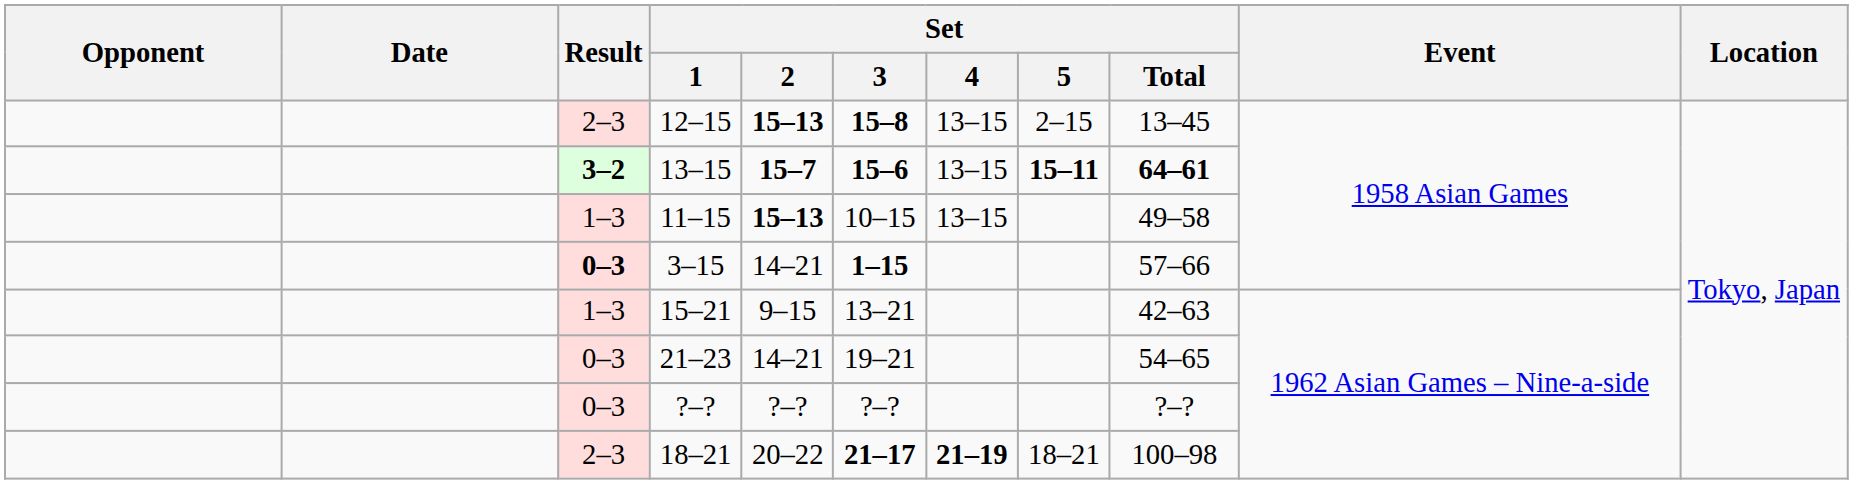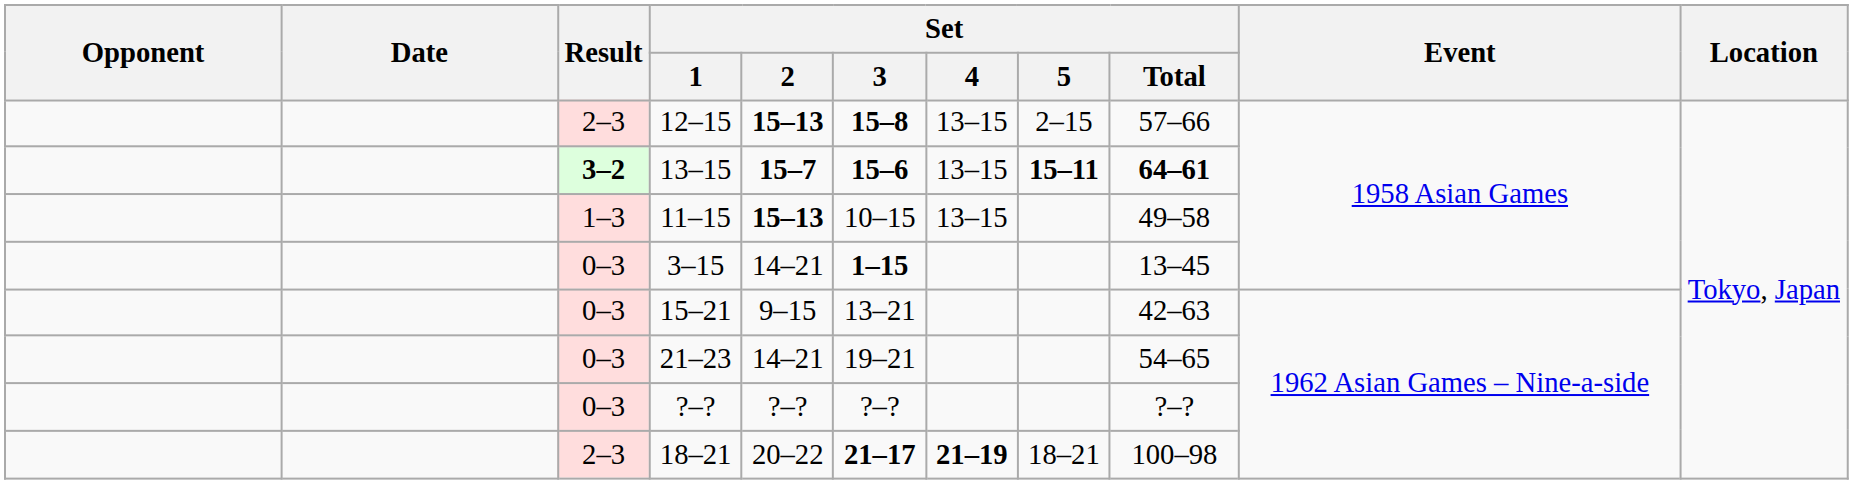 <table class="wikitable" style="font-size: 90%">
 <tr>
 <th rowspan=2 width=15%>Opponent</th>
 <th rowspan=2 width=15%>Date</th>
 <th rowspan=2 width=5%>Result</th>
 <th colspan=6>Set</th>
 <th rowspan=2 width=24%>Event</th>
 <th rowspan=2 width=16%>Location</th>
 </tr>
 <tr>
 <th width=5%>1</th>
 <th width=5%>2</th>
 <th width=5%>3</th>
 <th width=5%>4</th>
 <th width=5%>5</th>
 <th width=7%>Total</th>
 </tr>
 <tr style="text-align:center;">
 <td style="text-align:left;"></td>
 <td></td>
 <td style="background:#ffdddd;">2–3</td>
 <td>12–15</td>
 <td><strong>15–13</strong></td>
 <td><strong>15–8</strong></td>
 <td>13–15</td>
 <td>2–15</td>
-<td>13–45</td>
+<td>57–66</td>
 <td rowspan=4><a href='#'>1958 Asian Games</a></td>
 <td rowspan=8><a href='#'>Tokyo</a>, <a href='#'>Japan</a></td>
 </tr>
 <tr style="text-align:center;">
 <td style="text-align:left;"></td>
 <td></td>
 <td style="background:#ddffdd;"><strong>3–2</strong></td>
 <td>13–15</td>
 <td><strong>15–7</strong></td>
 <td><strong>15–6</strong></td>
 <td>13–15</td>
 <td><strong>15–11</strong></td>
 <td><strong>64–61</strong></td>
 </tr>
 <tr style="text-align:center;">
 <td style="text-align:left;"></td>
 <td></td>
 <td style="background:#ffdddd;">1–3</td>
 <td>11–15</td>
 <td><strong>15–13</strong></td>
 <td>10–15</td>
 <td>13–15</td>
 <td></td>
 <td>49–58</td>
 </tr>
 <tr style="text-align:center;">
 <td style="text-align:left;"></td>
 <td></td>
-<td style="background:#ffdddd;"><strong>0–3</strong></td>
+<td style="background:#ffdddd;">0–3</td>
 <td>3–15</td>
 <td>14–21</td>
 <td><strong>1–15</strong></td>
 <td></td>
 <td></td>
-<td>57–66</td>
+<td>13–45</td>
 </tr>
 <tr style="text-align:center;">
 <td style="text-align:left;"></td>
 <td></td>
-<td style="background:#ffdddd;">1–3</td>
+<td style="background:#ffdddd;">0–3</td>
 <td>15–21</td>
 <td>9–15</td>
 <td>13–21</td>
 <td></td>
 <td></td>
 <td>42–63</td>
 <td rowspan=4><a href='#'>1962 Asian Games – Nine-a-side</a></td>
 </tr>
 <tr style="text-align:center;">
 <td style="text-align:left;"></td>
 <td></td>
 <td style="background:#ffdddd;">0–3</td>
 <td>21–23</td>
 <td>14–21</td>
 <td>19–21</td>
 <td></td>
 <td></td>
 <td>54–65</td>
 </tr>
 <tr style="text-align:center;">
 <td style="text-align:left;"></td>
 <td></td>
 <td style="background:#ffdddd;">0–3</td>
 <td>?–?</td>
 <td>?–?</td>
 <td>?–?</td>
 <td></td>
 <td></td>
 <td>?–?</td>
 </tr>
 <tr style="text-align:center;">
 <td style="text-align:left;"></td>
 <td></td>
 <td style="background:#ffdddd;">2–3</td>
 <td>18–21</td>
 <td>20–22</td>
 <td><strong>21–17</strong></td>
 <td><strong>21–19</strong></td>
 <td>18–21</td>
 <td>100–98</td>
 </tr>
 </table>
